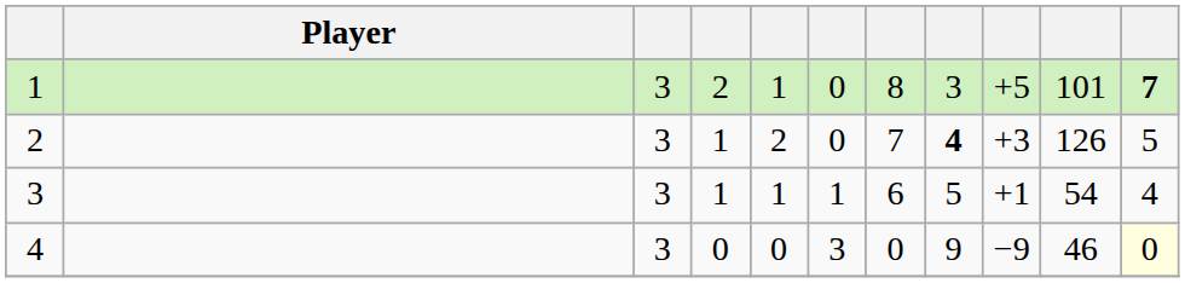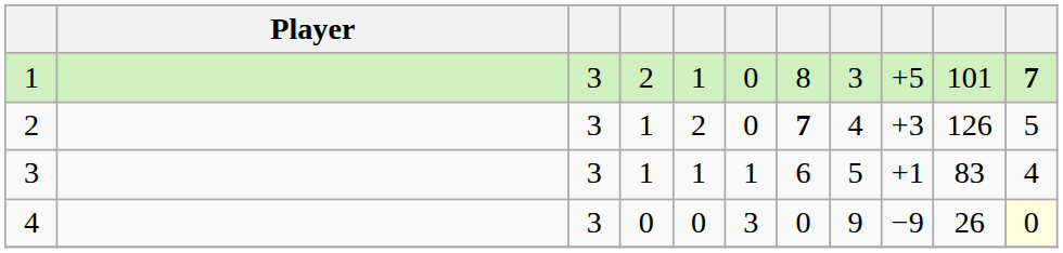 <table class="wikitable" style="text-align:center;">
 <tr>
 <th width=20></th>
 <th width=260>Player</th>
 <th width=20></th>
 <th width=20></th>
 <th width=20></th>
 <th width=20></th>
 <th width=20></th>
 <th width=20></th>
 <th width=20></th>
 <th width=30></th>
 <th width=20></th>
 </tr>
 <tr style="background:#D0F0C0;">
 <td>1</td>
 <td align=left> <small></small></td>
 <td>3</td>
 <td>2</td>
 <td>1</td>
 <td>0</td>
 <td>8</td>
 <td>3</td>
 <td>+5</td>
 <td>101</td>
 <td><strong>7</strong></td>
 </tr>
 <tr>
 <td>2</td>
 <td align=left> <small></small></td>
 <td>3</td>
 <td>1</td>
 <td>2</td>
 <td>0</td>
-<td>7</td>
-<td><strong>4</strong></td>
+<td><strong>7</strong></td>
+<td>4</td>
 <td>+3</td>
 <td>126</td>
 <td>5</td>
 </tr>
 <tr>
 <td>3</td>
 <td align=left> <small></small></td>
 <td>3</td>
 <td>1</td>
 <td>1</td>
 <td>1</td>
 <td>6</td>
 <td>5</td>
 <td>+1</td>
-<td>54</td>
+<td>83</td>
 <td>4</td>
 </tr>
 <tr>
 <td>4</td>
 <td align=left> <small></small></td>
 <td>3</td>
 <td>0</td>
 <td>0</td>
 <td>3</td>
 <td>0</td>
 <td>9</td>
 <td>−9</td>
-<td>46</td>
+<td>26</td>
 <td style="background: lightyellow;">0</td>
 </tr>
 <tr>
 </tr>
 </table>
